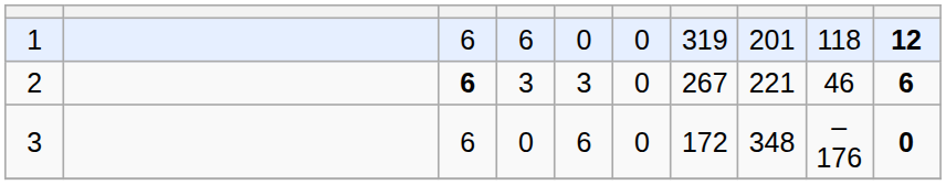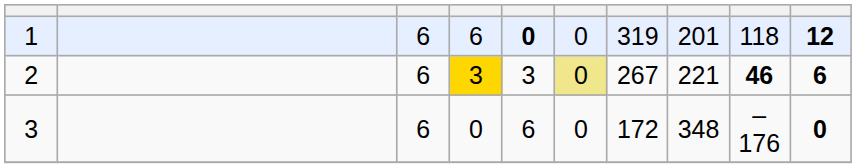 <table class="wikitable" style="text-align:center; font-size:95%">
 <tr>
 <th width="25"></th>
 <th width="200"></th>
 <th width="25"></th>
 <th width="25"></th>
 <th width="25"></th>
 <th width="25"></th>
 <th width="30"></th>
 <th width="30"></th>
 <th width="30"></th>
 <th width="30"></th>
 </tr>
 <tr style="background:#e6efff">
 <td>1</td>
 <td style="text-align:left"></td>
 <td>6</td>
 <td>6</td>
-<td>0</td>
+<td><strong>0</strong></td>
 <td>0</td>
 <td>319</td>
 <td>201</td>
 <td>118</td>
 <td><strong>12</strong></td>
 </tr>
 <tr>
 <td>2</td>
 <td style="text-align:left"></td>
-<td><strong>6</strong></td>
+<td>6</td>
+<td style="background: gold;">3</td>
 <td>3</td>
-<td>3</td>
-<td>0</td>
+<td style="background: khaki;">0</td>
 <td>267</td>
 <td>221</td>
-<td>46</td>
+<td><strong>46</strong></td>
 <td><strong>6</strong></td>
 </tr>
 <tr>
 <td>3</td>
 <td style="text-align:left"></td>
 <td>6</td>
 <td>0</td>
 <td>6</td>
 <td>0</td>
 <td>172</td>
 <td>348</td>
 <td>–176</td>
 <td><strong>0</strong></td>
 </tr>
 <tr>
 </tr>
 </table>
